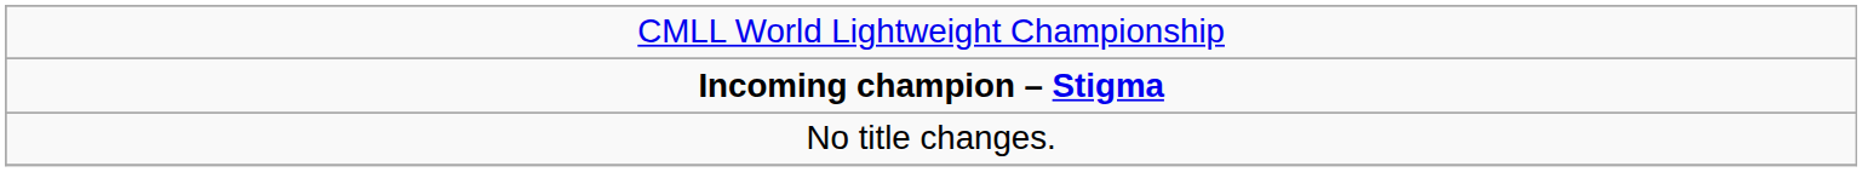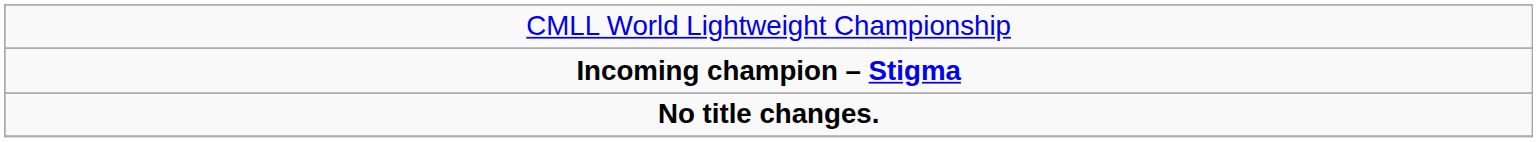 <table class="wikitable" style="text-align:center; width:100%;">
 <tr>
 <td colspan="4" style="text-align: center;"><a href='#'>CMLL World Lightweight Championship</a></td>
 </tr>
 <tr>
 <td colspan="4" style="text-align: center;"><strong>Incoming champion – <a href='#'>Stigma</a></strong></td>
 </tr>
 <tr>
-<td>No title changes.</td>
+<td><strong>No title changes.</strong></td>
 </tr>
 <tr>
 </tr>
 </table>
